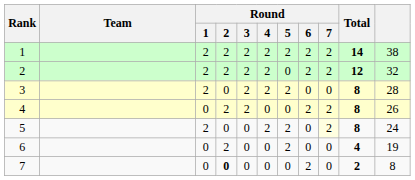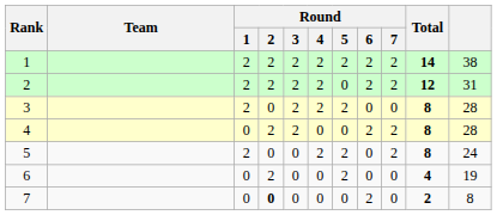 <table class=wikitable style="text-align:center">
 <tr>
 <th rowspan="2" width=40>Rank</th>
 <th rowspan="2" width=200>Team</th>
 <th colspan="7">Round</th>
 <th rowspan="2" width=40>Total</th>
 <th rowspan="2" width=40></th>
 </tr>
 <tr>
 <th width=20>1</th>
 <th width=20>2</th>
 <th width=20>3</th>
 <th width=20>4</th>
 <th width=20>5</th>
 <th width=20>6</th>
 <th width=20>7</th>
 </tr>
 <tr bgcolor="ccffcc">
 <td>1</td>
 <td align=left></td>
 <td>2</td>
 <td>2</td>
 <td>2</td>
 <td>2</td>
 <td>2</td>
 <td>2</td>
 <td>2</td>
 <td><strong>14</strong></td>
 <td>38</td>
 </tr>
 <tr bgcolor="ccffcc">
 <td>2</td>
 <td align=left></td>
 <td>2</td>
 <td>2</td>
 <td>2</td>
 <td>2</td>
 <td>0</td>
 <td>2</td>
 <td>2</td>
 <td><strong>12</strong></td>
-<td>32</td>
+<td>31</td>
 </tr>
 <tr bgcolor="#ffffcc">
 <td>3</td>
 <td align=left></td>
 <td>2</td>
 <td>0</td>
 <td>2</td>
 <td>2</td>
 <td>2</td>
 <td>0</td>
 <td>0</td>
 <td><strong>8</strong></td>
 <td>28</td>
 </tr>
 <tr bgcolor="#ffffcc">
 <td>4</td>
 <td align=left></td>
 <td>0</td>
 <td>2</td>
 <td>2</td>
 <td>0</td>
 <td>0</td>
 <td>2</td>
 <td>2</td>
 <td><strong>8</strong></td>
-<td>26</td>
+<td>28</td>
 </tr>
 <tr>
 <td>5</td>
 <td align=left></td>
 <td>2</td>
 <td>0</td>
 <td>0</td>
 <td>2</td>
 <td>2</td>
 <td>0</td>
-<td style="background: lightyellow;">2</td>
+<td>2</td>
 <td><strong>8</strong></td>
 <td>24</td>
 </tr>
 <tr>
 <td>6</td>
 <td align=left></td>
 <td>0</td>
 <td>2</td>
 <td>0</td>
 <td>0</td>
 <td>2</td>
 <td>0</td>
 <td>0</td>
 <td><strong>4</strong></td>
 <td>19</td>
 </tr>
 <tr>
 <td>7</td>
 <td align=left></td>
 <td>0</td>
 <td><strong>0</strong></td>
 <td>0</td>
 <td>0</td>
 <td>0</td>
 <td>2</td>
 <td>0</td>
 <td><strong>2</strong></td>
 <td>8</td>
 </tr>
 </table>
